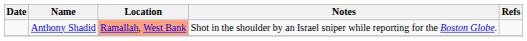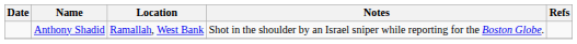 <table class="wikitable sortable">
 <tr>
 <th>Date</th>
 <th>Name</th>
 <th>Location</th>
 <th>Notes</th>
 <th>Refs</th>
 </tr>
 <tr>
 <td></td>
 <td><a href='#'>Anthony Shadid</a> </td>
-<td style="background: lightsalmon;"><a href='#'>Ramallah</a>, <a href='#'>West Bank</a></td>
+<td><a href='#'>Ramallah</a>, <a href='#'>West Bank</a></td>
 <td>Shot in the shoulder by an Israel sniper while reporting for the <em><a href='#'>Boston Globe</a></em>.</td>
 <td></td>
 </tr>
 <tr>
 </tr>
 </table>
